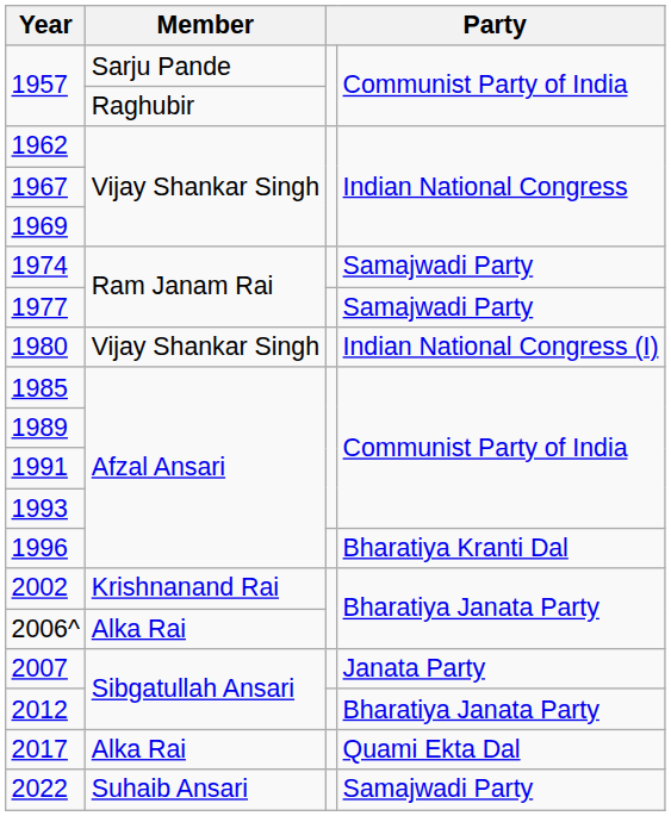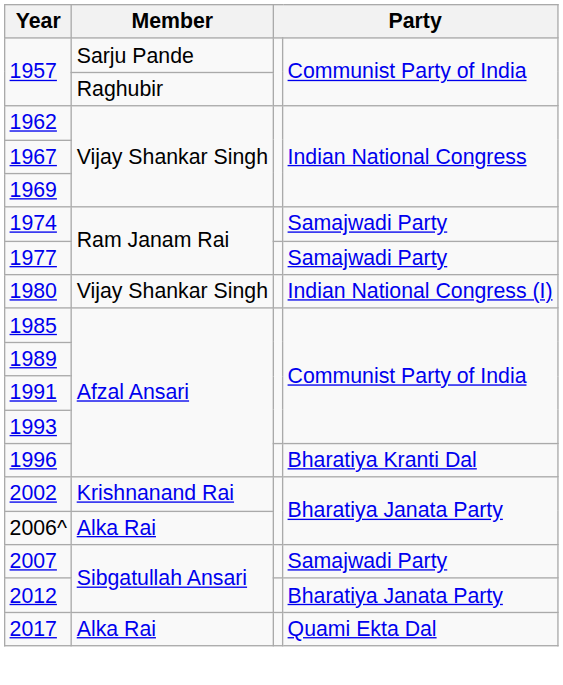 <table class="wikitable">
 <tr>
 <th>Year</th>
 <th>Member</th>
 <th colspan="2">Party</th>
 </tr>
 <tr>
 <td rowspan="2"><a href='#'>1957</a></td>
 <td>Sarju Pande</td>
 <td rowspan="2" style="background-color: "></td>
 <td rowspan="2"><a href='#'>Communist Party of India</a></td>
 </tr>
 <tr>
 <td>Raghubir</td>
 </tr>
 <tr>
 <td><a href='#'>1962</a></td>
 <td rowspan="3">Vijay Shankar Singh</td>
 <td rowspan="3" style="background-color: "></td>
 <td rowspan="3"><a href='#'>Indian National Congress</a></td>
 </tr>
 <tr>
 <td><a href='#'>1967</a></td>
 </tr>
 <tr>
 <td><a href='#'>1969</a></td>
 </tr>
 <tr>
 <td><a href='#'>1974</a></td>
 <td rowspan="2">Ram Janam Rai</td>
 <td style="background-color: "></td>
 <td><a href='#'>Samajwadi Party</a></td>
 </tr>
 <tr>
 <td><a href='#'>1977</a></td>
 <td style="background-color: "></td>
 <td><a href='#'>Samajwadi Party</a></td>
 </tr>
 <tr>
 <td><a href='#'>1980</a></td>
 <td>Vijay Shankar Singh</td>
 <td style="background-color: "></td>
 <td><a href='#'>Indian National Congress (I)</a></td>
 </tr>
 <tr>
 <td><a href='#'>1985</a></td>
 <td rowspan="5"><a href='#'>Afzal Ansari</a></td>
 <td rowspan="4" style="background-color: "></td>
 <td rowspan="4"><a href='#'>Communist Party of India</a></td>
 </tr>
 <tr>
 <td><a href='#'>1989</a></td>
 </tr>
 <tr>
 <td><a href='#'>1991</a></td>
 </tr>
 <tr>
 <td><a href='#'>1993</a></td>
 </tr>
 <tr>
 <td><a href='#'>1996</a></td>
 <td style="background-color: "></td>
 <td><a href='#'>Bharatiya Kranti Dal</a></td>
 </tr>
 <tr>
 <td><a href='#'>2002</a></td>
 <td><a href='#'>Krishnanand Rai</a></td>
 <td rowspan="2" style="background-color: "></td>
 <td rowspan="2"><a href='#'>Bharatiya Janata Party</a></td>
 </tr>
 <tr>
 <td>2006^</td>
 <td><a href='#'>Alka Rai</a></td>
 </tr>
 <tr>
 <td><a href='#'>2007</a></td>
 <td rowspan="2"><a href='#'>Sibgatullah Ansari</a></td>
 <td style="background-color: "></td>
-<td><a href='#'>Janata Party</a></td>
+<td><a href='#'>Samajwadi Party</a></td>
 </tr>
 <tr>
 <td><a href='#'>2012</a></td>
 <td style="background-color: "></td>
 <td><a href='#'>Bharatiya Janata Party</a></td>
 </tr>
 <tr>
 <td><a href='#'>2017</a></td>
 <td><a href='#'>Alka Rai</a></td>
 <td style="background-color: "></td>
 <td><a href='#'>Quami Ekta Dal</a></td>
 </tr>
-<tr>
-<td><a href='#'>2022</a></td>
-<td><a href='#'>Suhaib Ansari</a></td>
-<td style="background-color: "></td>
-<td><a href='#'>Samajwadi Party</a></td>
-</tr>
 </table>
